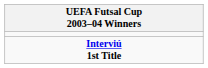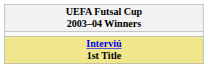 <table class="wikitable" style="text-align: center; margin: 0 auto; width: 20%">
 <tr>
 <th>UEFA Futsal Cup <br>2003–04 Winners</th>
 </tr>
 <tr>
 <td></td>
 </tr>
 <tr>
-<td><strong><a href='#'>Interviú</a></strong><br><strong>1st Title</strong></td>
+<td style="background: khaki;"><strong><a href='#'>Interviú</a></strong><br><strong>1st Title</strong></td>
 </tr>
 </table>
